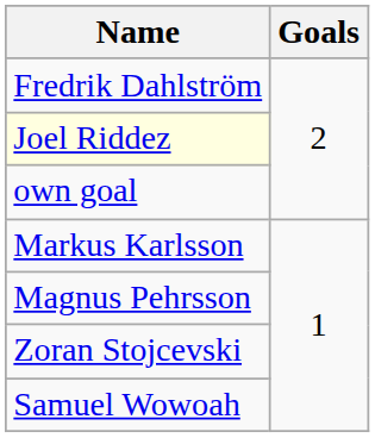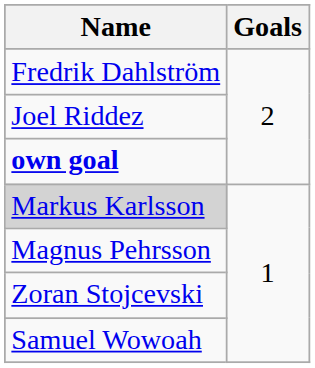 <table class="wikitable">
 <tr>
 <th>Name</th>
 <th>Goals</th>
 </tr>
 <tr>
 <td> <a href='#'>Fredrik Dahlström</a></td>
 <td rowspan="3" style="text-align:center;">2</td>
 </tr>
 <tr>
-<td style="background: lightyellow;"> <a href='#'>Joel Riddez</a></td>
+<td> <a href='#'>Joel Riddez</a></td>
 </tr>
 <tr>
-<td><a href='#'>own goal</a></td>
+<td><strong><a href='#'>own goal</a></strong></td>
 </tr>
 <tr>
-<td> <a href='#'>Markus Karlsson</a></td>
+<td style="background: lightgrey;"> <a href='#'>Markus Karlsson</a></td>
 <td rowspan="4" style="text-align:center;">1</td>
 </tr>
 <tr>
 <td> <a href='#'>Magnus Pehrsson</a></td>
 </tr>
 <tr>
 <td> <a href='#'>Zoran Stojcevski</a></td>
 </tr>
 <tr>
 <td> <a href='#'>Samuel Wowoah</a></td>
 </tr>
 </table>
